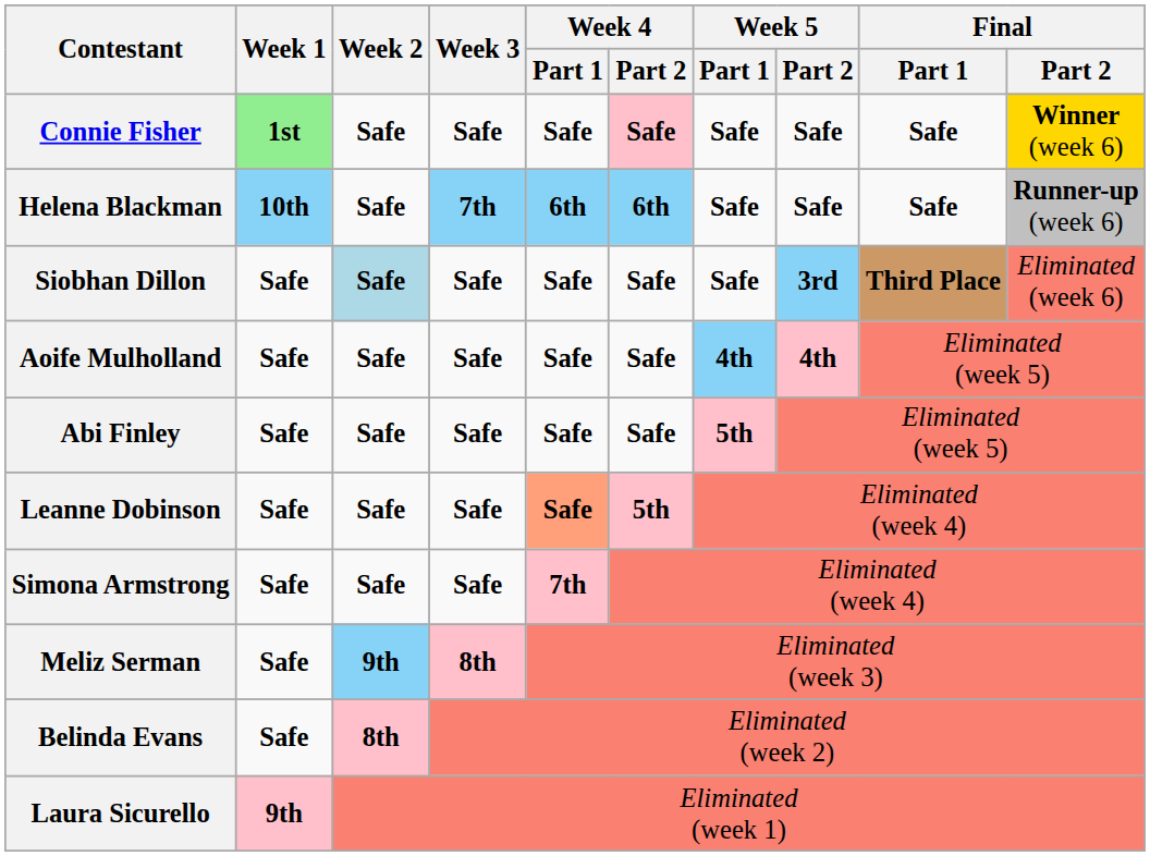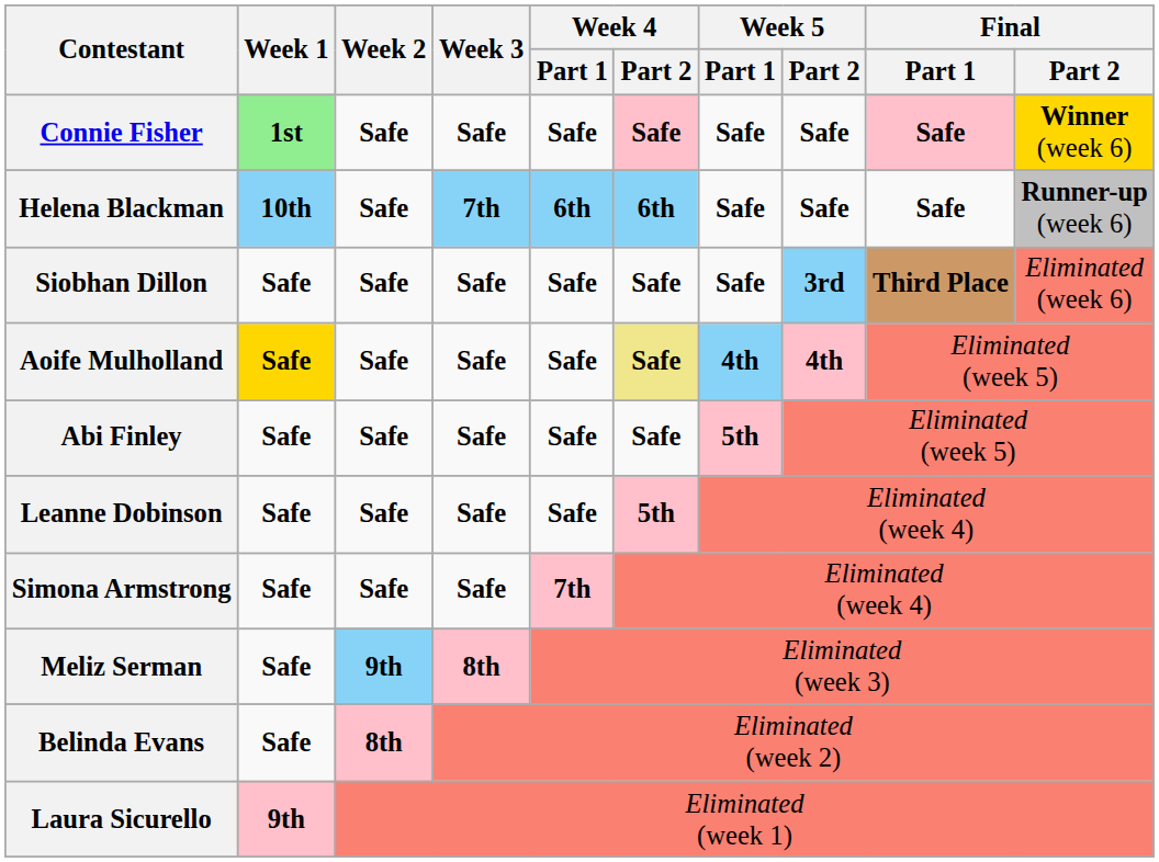 <table class="wikitable" style="text-align:center; font-size:85%">
 <tr>
 <th rowspan="2">Contestant</th>
 <th rowspan="2">Week 1</th>
 <th rowspan="2">Week 2</th>
 <th rowspan="2">Week 3</th>
 <th colspan="2">Week 4</th>
 <th colspan="2">Week 5</th>
 <th colspan="2">Final</th>
 </tr>
 <tr>
 <th>Part 1</th>
 <th>Part 2</th>
 <th>Part 1</th>
 <th>Part 2</th>
 <th>Part 1</th>
 <th>Part 2</th>
 </tr>
 <tr>
 <th><a href='#'>Connie Fisher</a></th>
 <td style="background:lightgreen"><strong>1st</strong></td>
 <td><strong>Safe</strong></td>
 <td><strong>Safe</strong></td>
 <td><strong>Safe</strong></td>
 <td style="background: pink;"><strong>Safe</strong></td>
 <td><strong>Safe</strong></td>
 <td><strong>Safe</strong></td>
-<td><strong>Safe</strong></td>
+<td style="background: pink;"><strong>Safe</strong></td>
 <td style="background:gold"><strong>Winner</strong><br>(week 6)</td>
 </tr>
 <tr>
 <th>Helena Blackman</th>
 <td style = "background:#87D3F8"><strong>10th</strong></td>
 <td><strong>Safe</strong></td>
 <td style = "background:#87D3F8"><strong>7th</strong></td>
 <td style = "background:#87D3F8"><strong>6th</strong></td>
 <td style = "background:#87D3F8"><strong>6th</strong></td>
 <td><strong>Safe</strong></td>
 <td><strong>Safe</strong></td>
 <td><strong>Safe</strong></td>
 <td style="background:silver;"><strong>Runner-up</strong><br>(week 6)</td>
 </tr>
 <tr>
 <th>Siobhan Dillon</th>
 <td><strong>Safe</strong></td>
-<td style="background: lightblue;"><strong>Safe</strong></td>
+<td><strong>Safe</strong></td>
 <td><strong>Safe</strong></td>
 <td><strong>Safe</strong></td>
 <td><strong>Safe</strong></td>
 <td><strong>Safe</strong></td>
 <td style = "background:#87D3F8"><strong>3rd</strong></td>
 <td style = "background:#c96"><strong>Third Place</strong></td>
 <td style="background:#FA8072" colspan=2><em>Eliminated</em><br>(week 6)</td>
 </tr>
 <tr>
 <th>Aoife Mulholland</th>
+<td style="background: gold;"><strong>Safe</strong></td>
 <td><strong>Safe</strong></td>
 <td><strong>Safe</strong></td>
 <td><strong>Safe</strong></td>
-<td><strong>Safe</strong></td>
-<td><strong>Safe</strong></td>
+<td style="background: khaki;"><strong>Safe</strong></td>
 <td style = "background:#87D3F8"><strong>4th</strong></td>
 <td style = "background:pink"><strong>4th</strong></td>
 <td style="background:#FA8072" colspan=2><em>Eliminated</em><br>(week 5)</td>
 </tr>
 <tr>
 <th>Abi Finley</th>
 <td><strong>Safe</strong></td>
 <td><strong>Safe</strong></td>
 <td><strong>Safe</strong></td>
 <td><strong>Safe</strong></td>
 <td><strong>Safe</strong></td>
 <td style = "background:pink"><strong>5th</strong></td>
 <td style = "background:#FA8072" colspan=3><em>Eliminated</em><br>(week 5)</td>
 </tr>
 <tr>
 <th>Leanne Dobinson</th>
 <td><strong>Safe</strong></td>
 <td><strong>Safe</strong></td>
 <td><strong>Safe</strong></td>
-<td style="background: lightsalmon;"><strong>Safe</strong></td>
+<td><strong>Safe</strong></td>
 <td style = "background:pink"><strong>5th</strong></td>
 <td style = "background:#FA8072" colspan=4><em>Eliminated</em><br>(week 4)</td>
 </tr>
 <tr>
 <th>Simona Armstrong</th>
 <td><strong>Safe</strong></td>
 <td><strong>Safe</strong></td>
 <td><strong>Safe</strong></td>
 <td style = "background:pink"><strong>7th</strong></td>
 <td style = "background:#FA8072" colspan=5><em>Eliminated</em><br>(week 4)</td>
 </tr>
 <tr>
 <th>Meliz Serman</th>
 <td><strong>Safe</strong></td>
 <td style = "background:#87D3F8"><strong>9th</strong></td>
 <td style = "background:pink"><strong>8th</strong></td>
 <td style = "background:#FA8072" colspan=6><em>Eliminated</em><br>(week 3)</td>
 </tr>
 <tr>
 <th>Belinda Evans</th>
 <td><strong>Safe</strong></td>
 <td style = "background:pink"><strong>8th</strong></td>
 <td style = "background:#FA8072" colspan=7><em>Eliminated</em><br>(week 2)</td>
 </tr>
 <tr>
 <th>Laura Sicurello</th>
 <td style = "background:pink"><strong>9th</strong></td>
 <td style = "background:#FA8072" colspan=8><em>Eliminated</em><br>(week 1)</td>
 </tr>
 <tr>
 </tr>
 </table>
